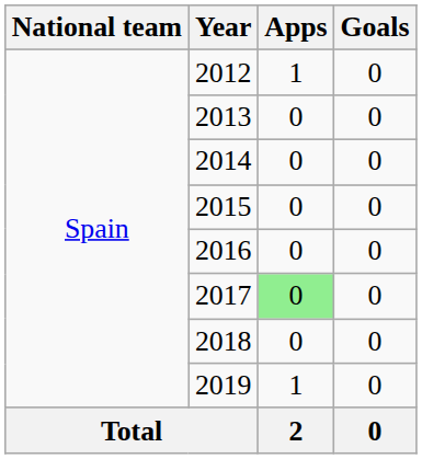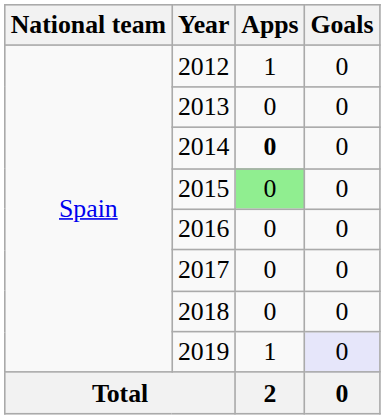 <table class="wikitable" style="text-align:center">
 <tr>
 <th>National team</th>
 <th>Year</th>
 <th>Apps</th>
 <th>Goals</th>
 </tr>
 <tr>
 <td rowspan="8"><a href='#'>Spain</a></td>
 <td>2012</td>
 <td>1</td>
 <td>0</td>
 </tr>
 <tr>
 <td>2013</td>
 <td>0</td>
 <td>0</td>
 </tr>
 <tr>
 <td>2014</td>
-<td>0</td>
+<td><strong>0</strong></td>
 <td>0</td>
 </tr>
 <tr>
 <td>2015</td>
-<td>0</td>
+<td style="background: lightgreen;">0</td>
 <td>0</td>
 </tr>
 <tr>
 <td>2016</td>
 <td>0</td>
 <td>0</td>
 </tr>
 <tr>
 <td>2017</td>
-<td style="background: lightgreen;">0</td>
+<td>0</td>
 <td>0</td>
 </tr>
 <tr>
 <td>2018</td>
 <td>0</td>
 <td>0</td>
 </tr>
 <tr>
 <td>2019</td>
 <td>1</td>
-<td>0</td>
+<td style="background: lavender;">0</td>
 </tr>
 <tr>
 <th colspan="2">Total</th>
 <th>2</th>
 <th>0</th>
 </tr>
 </table>
